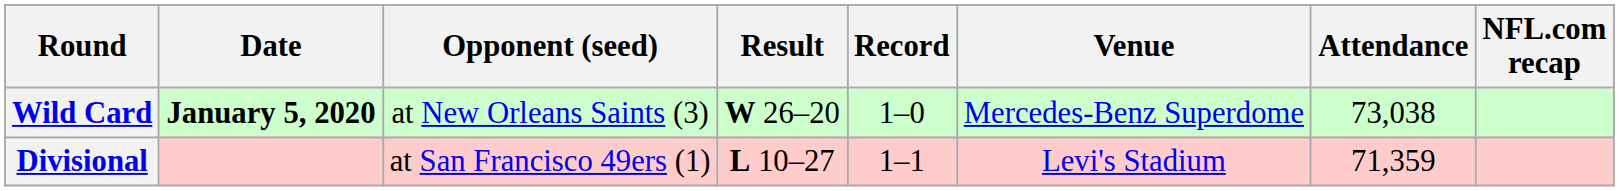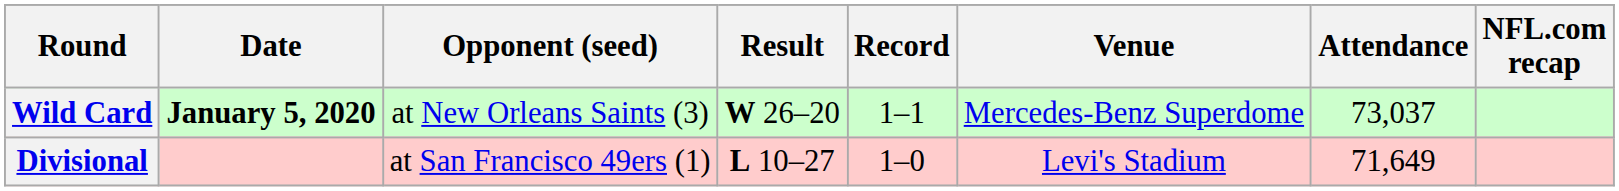 <table class="wikitable" style="text-align:center">
 <tr>
 <th>Round</th>
 <th>Date</th>
 <th>Opponent (seed)</th>
 <th>Result</th>
 <th>Record</th>
 <th>Venue</th>
 <th>Attendance</th>
 <th>NFL.com<br>recap</th>
 </tr>
 <tr style="background:#cfc">
 <th><a href='#'>Wild Card</a></th>
 <td><strong>January 5, 2020</strong></td>
 <td>at <a href='#'>New Orleans Saints</a> (3)</td>
 <td><strong>W</strong> 26–20 </td>
-<td>1–0</td>
+<td>1–1</td>
 <td><a href='#'>Mercedes-Benz Superdome</a></td>
-<td>73,038</td>
+<td>73,037</td>
 <td></td>
 </tr>
 <tr style="background:#fcc">
 <th><a href='#'>Divisional</a></th>
 <td></td>
 <td>at <a href='#'>San Francisco 49ers</a> (1)</td>
 <td><strong>L</strong> 10–27</td>
-<td>1–1</td>
+<td>1–0</td>
 <td><a href='#'>Levi's Stadium</a></td>
-<td>71,359</td>
+<td>71,649</td>
 <td></td>
 </tr>
 </table>
